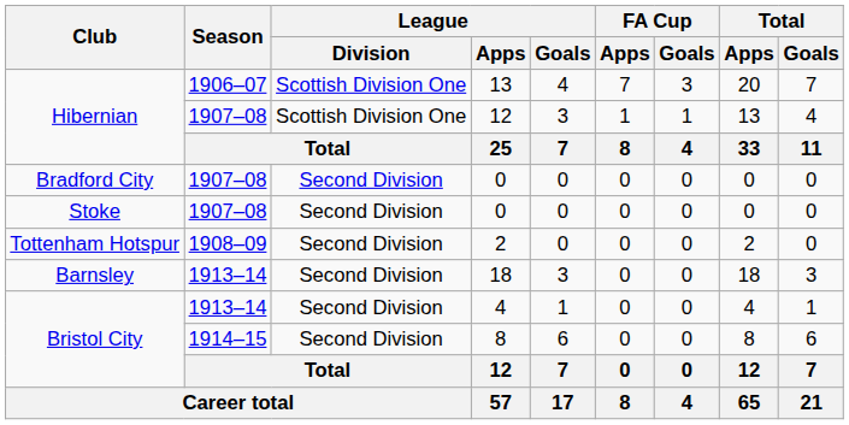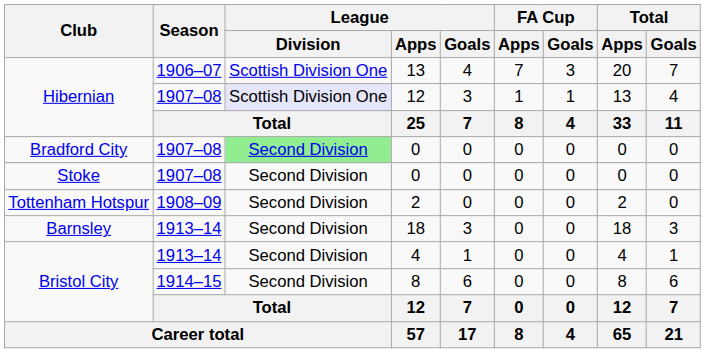 <table class="wikitable" style="text-align: center;">
 <tr>
 <th rowspan="2">Club</th>
 <th rowspan="2">Season</th>
 <th colspan="3">League</th>
 <th colspan="2">FA Cup</th>
 <th colspan="2">Total</th>
 </tr>
 <tr>
 <th>Division</th>
 <th>Apps</th>
 <th>Goals</th>
 <th>Apps</th>
 <th>Goals</th>
 <th>Apps</th>
 <th>Goals</th>
 </tr>
 <tr>
 <td rowspan=3><a href='#'>Hibernian</a></td>
 <td><a href='#'>1906–07</a></td>
 <td><a href='#'>Scottish Division One</a></td>
 <td>13</td>
 <td>4</td>
 <td>7</td>
 <td>3</td>
 <td>20</td>
 <td>7</td>
 </tr>
 <tr>
 <td><a href='#'>1907–08</a></td>
-<td>Scottish Division One</td>
+<td style="background: lavender;">Scottish Division One</td>
 <td>12</td>
 <td>3</td>
 <td>1</td>
 <td>1</td>
 <td>13</td>
 <td>4</td>
 </tr>
 <tr>
 <th colspan=2>Total</th>
 <th>25</th>
 <th>7</th>
 <th>8</th>
 <th>4</th>
 <th>33</th>
 <th>11</th>
 </tr>
 <tr>
 <td><a href='#'>Bradford City</a></td>
 <td><a href='#'>1907–08</a></td>
-<td><a href='#'>Second Division</a></td>
+<td style="background: lightgreen;"><a href='#'>Second Division</a></td>
 <td>0</td>
 <td>0</td>
 <td>0</td>
 <td>0</td>
 <td>0</td>
 <td>0</td>
 </tr>
 <tr>
 <td><a href='#'>Stoke</a></td>
 <td><a href='#'>1907–08</a></td>
 <td>Second Division</td>
 <td>0</td>
 <td>0</td>
 <td>0</td>
 <td>0</td>
 <td>0</td>
 <td>0</td>
 </tr>
 <tr>
 <td><a href='#'>Tottenham Hotspur</a></td>
 <td><a href='#'>1908–09</a></td>
 <td>Second Division</td>
 <td>2</td>
 <td>0</td>
 <td>0</td>
 <td>0</td>
 <td>2</td>
 <td>0</td>
 </tr>
 <tr>
 <td><a href='#'>Barnsley</a></td>
 <td><a href='#'>1913–14</a></td>
 <td>Second Division</td>
 <td>18</td>
 <td>3</td>
 <td>0</td>
 <td>0</td>
 <td>18</td>
 <td>3</td>
 </tr>
 <tr>
 <td rowspan=3><a href='#'>Bristol City</a></td>
 <td><a href='#'>1913–14</a></td>
 <td>Second Division</td>
 <td>4</td>
 <td>1</td>
 <td>0</td>
 <td>0</td>
 <td>4</td>
 <td>1</td>
 </tr>
 <tr>
 <td><a href='#'>1914–15</a></td>
 <td>Second Division</td>
 <td>8</td>
 <td>6</td>
 <td>0</td>
 <td>0</td>
 <td>8</td>
 <td>6</td>
 </tr>
 <tr>
 <th colspan=2>Total</th>
 <th>12</th>
 <th>7</th>
 <th>0</th>
 <th>0</th>
 <th>12</th>
 <th>7</th>
 </tr>
 <tr>
 <th colspan="3">Career total</th>
 <th>57</th>
 <th>17</th>
 <th>8</th>
 <th>4</th>
 <th>65</th>
 <th>21</th>
 </tr>
 </table>
